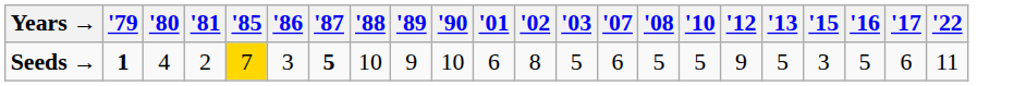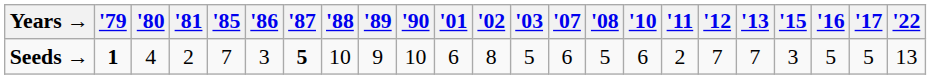 <table class="wikitable">
 <tr>
 <th>Years →</th>
 <th><a href='#'>'79</a></th>
 <th><a href='#'>'80</a></th>
 <th><a href='#'>'81</a></th>
 <th><a href='#'>'85</a></th>
 <th><a href='#'>'86</a></th>
 <th><a href='#'>'87</a></th>
 <th><a href='#'>'88</a></th>
 <th><a href='#'>'89</a></th>
 <th><a href='#'>'90</a></th>
 <th><a href='#'>'01</a></th>
 <th><a href='#'>'02</a></th>
 <th><a href='#'>'03</a></th>
 <th><a href='#'>'07</a></th>
 <th><a href='#'>'08</a></th>
 <th><a href='#'>'10</a></th>
+<th><a href='#'>'11</a></th>
 <th><a href='#'>'12</a></th>
 <th><a href='#'>'13</a></th>
 <th><a href='#'>'15</a></th>
 <th><a href='#'>'16</a></th>
 <th><a href='#'>'17</a></th>
 <th><a href='#'>'22</a></th>
 </tr>
 <tr align=center>
 <td style="text-align:left; "><strong>Seeds →</strong></td>
 <td><strong>1</strong></td>
 <td>4</td>
 <td>2</td>
-<td style="background: gold;">7</td>
+<td>7</td>
 <td>3</td>
 <td><strong>5</strong></td>
 <td>10</td>
 <td>9</td>
 <td>10</td>
 <td>6</td>
 <td>8</td>
 <td>5</td>
 <td>6</td>
 <td>5</td>
-<td>5</td>
-<td>9</td>
-<td>5</td>
+<td>6</td>
+<td>2</td>
+<td>7</td>
+<td>7</td>
 <td>3</td>
 <td>5</td>
-<td>6</td>
-<td>11</td>
+<td>5</td>
+<td>13</td>
 </tr>
 </table>
